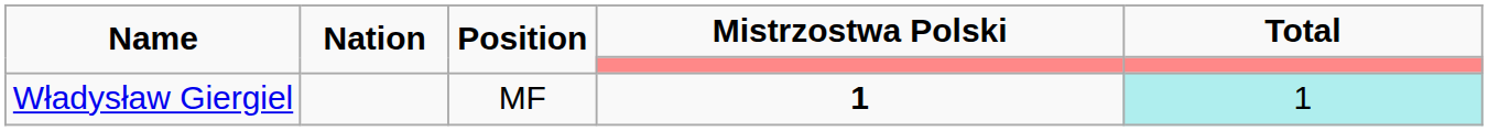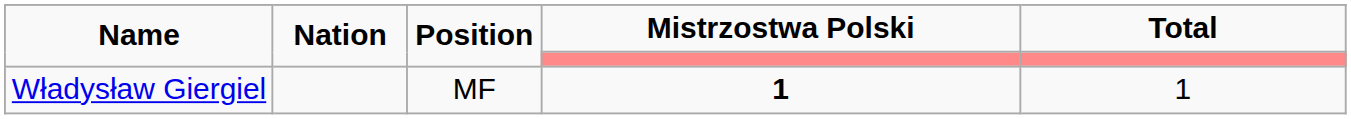 <table class="wikitable" style="font-size: 100%; text-align: center;">
 <tr>
 <td rowspan="2" width="20%" align="center"><strong>Name</strong></td>
 <td rowspan="2" width="10%" align="center"><strong>Nation</strong></td>
 <td rowspan="2" width="10%" align="center"><strong>Position</strong></td>
 <td colspan="1" align="center"><strong>Mistrzostwa Polski</strong></td>
 <td colspan="1" align="center"><strong>Total</strong></td>
 </tr>
 <tr>
 <th width=60 style="background: #FF8888"></th>
 <th width=60 style="background: #FF8888"></th>
 </tr>
 <tr>
 <td><a href='#'>Władysław Giergiel</a></td>
 <td></td>
 <td>MF</td>
 <td><strong>1</strong></td>
-<td style="background: paleturquoise;">1</td>
+<td>1</td>
 </tr>
 </table>
